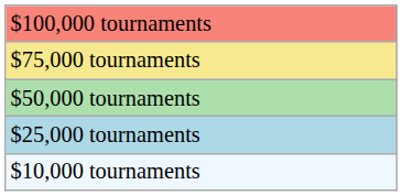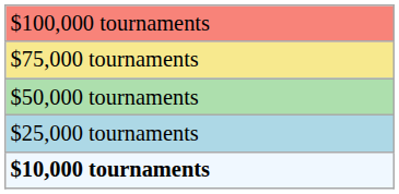 <table class="wikitable"  style="font-size:85%; width:12%;">
 <tr style="background:#f88379;">
 <td>$100,000 tournaments</td>
 </tr>
 <tr style="background:#f7e98e;">
 <td>$75,000 tournaments</td>
 </tr>
 <tr style="background:#addfad;">
 <td>$50,000 tournaments</td>
 </tr>
 <tr style="background:lightblue;">
 <td>$25,000 tournaments</td>
 </tr>
 <tr bgcolor="#f0f8ff">
-<td>$10,000 tournaments</td>
+<td><strong>$10,000 tournaments</strong></td>
 </tr>
 </table>
